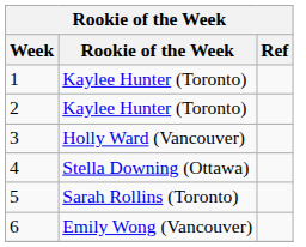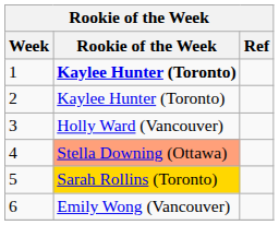 <table class="wikitable mw-collapsible">
 <tr>
 <th colspan="7">Rookie of the Week</th>
 </tr>
 <tr>
 <th>Week</th>
 <th>Rookie of the Week</th>
 <th>Ref</th>
 </tr>
 <tr>
 <td>1</td>
-<td> <a href='#'>Kaylee Hunter</a> (Toronto)</td>
+<td><strong> <a href='#'>Kaylee Hunter</a> (Toronto)</strong></td>
 <td></td>
 </tr>
 <tr>
 <td>2</td>
 <td> <a href='#'>Kaylee Hunter</a> (Toronto)</td>
 <td></td>
 </tr>
 <tr>
 <td>3</td>
 <td> <a href='#'>Holly Ward</a> (Vancouver)</td>
 <td></td>
 </tr>
 <tr>
 <td>4</td>
-<td> <a href='#'>Stella Downing</a> (Ottawa)</td>
+<td style="background: lightsalmon;"> <a href='#'>Stella Downing</a> (Ottawa)</td>
 <td></td>
 </tr>
 <tr>
 <td>5</td>
-<td> <a href='#'>Sarah Rollins</a> (Toronto)</td>
+<td style="background: gold;"> <a href='#'>Sarah Rollins</a> (Toronto)</td>
 <td></td>
 </tr>
 <tr>
 <td>6</td>
 <td> <a href='#'>Emily Wong</a> (Vancouver)</td>
 <td></td>
 </tr>
 <tr>
 </tr>
 </table>
